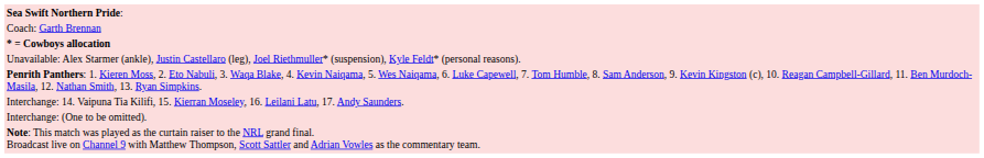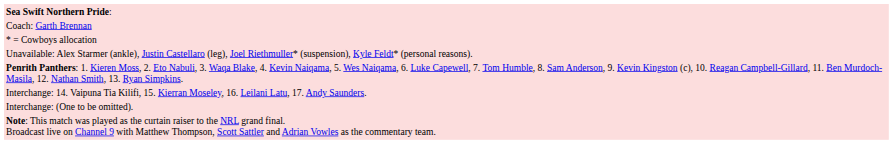 <table style="background:#fcdddd;  font-size:85%; width:100%;">
 <tr>
 <td><strong>Sea Swift Northern Pride</strong>:             </td>
 </tr>
 <tr>
 <td>Coach: <a href='#'>Garth Brennan</a></td>
 </tr>
 <tr>
-<td><strong>* = Cowboys allocation</strong></td>
+<td>* = Cowboys allocation</td>
 </tr>
 <tr>
 <td>Unavailable: Alex Starmer (ankle), <a href='#'>Justin Castellaro</a> (leg), <a href='#'>Joel Riethmuller</a>* (suspension), <a href='#'>Kyle Feldt</a>* (personal reasons).</td>
 </tr>
 <tr>
 <td><strong>Penrith Panthers</strong>: 1. <a href='#'>Kieren Moss</a>, 2. <a href='#'>Eto Nabuli</a>, 3. <a href='#'>Waqa Blake</a>, 4. <a href='#'>Kevin Naiqama</a>, 5. <a href='#'>Wes Naiqama</a>, 6. <a href='#'>Luke Capewell</a>, 7. <a href='#'>Tom Humble</a>, 8. <a href='#'>Sam Anderson</a>, 9. <a href='#'>Kevin Kingston</a> (c), 10. <a href='#'>Reagan Campbell-Gillard</a>, 11. <a href='#'>Ben Murdoch-Masila</a>, 12. <a href='#'>Nathan Smith</a>, 13. <a href='#'>Ryan Simpkins</a>.</td>
 </tr>
 <tr>
 <td>Interchange: 14. Vaipuna Tia Kilifi, 15. <a href='#'>Kierran Moseley</a>, 16. <a href='#'>Leilani Latu</a>, 17. <a href='#'>Andy Saunders</a>.</td>
 </tr>
 <tr>
 <td>Interchange:      (One to be omitted).</td>
 </tr>
 <tr>
 <td><strong>Note</strong>: This match was played as the curtain raiser to the <a href='#'>NRL</a> grand final.<br>Broadcast live on <a href='#'>Channel 9</a> with Matthew Thompson, <a href='#'>Scott Sattler</a> and <a href='#'>Adrian Vowles</a> as the commentary team.</td>
 </tr>
 </table>
